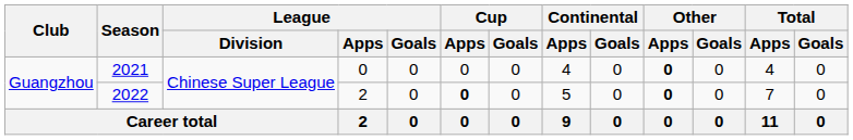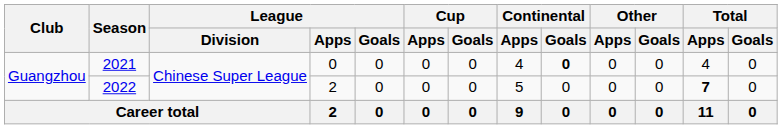 <table class="wikitable" style="text-align: center">
 <tr>
 <th rowspan="2">Club</th>
 <th rowspan="2">Season</th>
 <th colspan="3">League</th>
 <th colspan="2">Cup</th>
 <th colspan="2">Continental</th>
 <th colspan="2">Other</th>
 <th colspan="2">Total</th>
 </tr>
 <tr>
 <th>Division</th>
 <th>Apps</th>
 <th>Goals</th>
 <th>Apps</th>
 <th>Goals</th>
 <th>Apps</th>
 <th>Goals</th>
 <th>Apps</th>
 <th>Goals</th>
 <th>Apps</th>
 <th>Goals</th>
 </tr>
 <tr>
 <td rowspan="2"><a href='#'>Guangzhou</a></td>
 <td><a href='#'>2021</a></td>
 <td rowspan="2"><a href='#'>Chinese Super League</a></td>
 <td>0</td>
 <td>0</td>
 <td>0</td>
 <td>0</td>
 <td>4</td>
+<td><strong>0</strong></td>
 <td>0</td>
-<td><strong>0</strong></td>
 <td>0</td>
 <td>4</td>
 <td>0</td>
 </tr>
 <tr>
 <td><a href='#'>2022</a></td>
 <td>2</td>
 <td>0</td>
-<td><strong>0</strong></td>
+<td>0</td>
 <td>0</td>
 <td>5</td>
 <td>0</td>
-<td><strong>0</strong></td>
 <td>0</td>
-<td>7</td>
+<td>0</td>
+<td><strong>7</strong></td>
 <td>0</td>
 </tr>
 <tr>
 <th colspan=3>Career total</th>
 <th>2</th>
 <th>0</th>
 <th>0</th>
 <th>0</th>
 <th>9</th>
 <th>0</th>
 <th>0</th>
 <th>0</th>
 <th>11</th>
 <th>0</th>
 </tr>
 </table>
